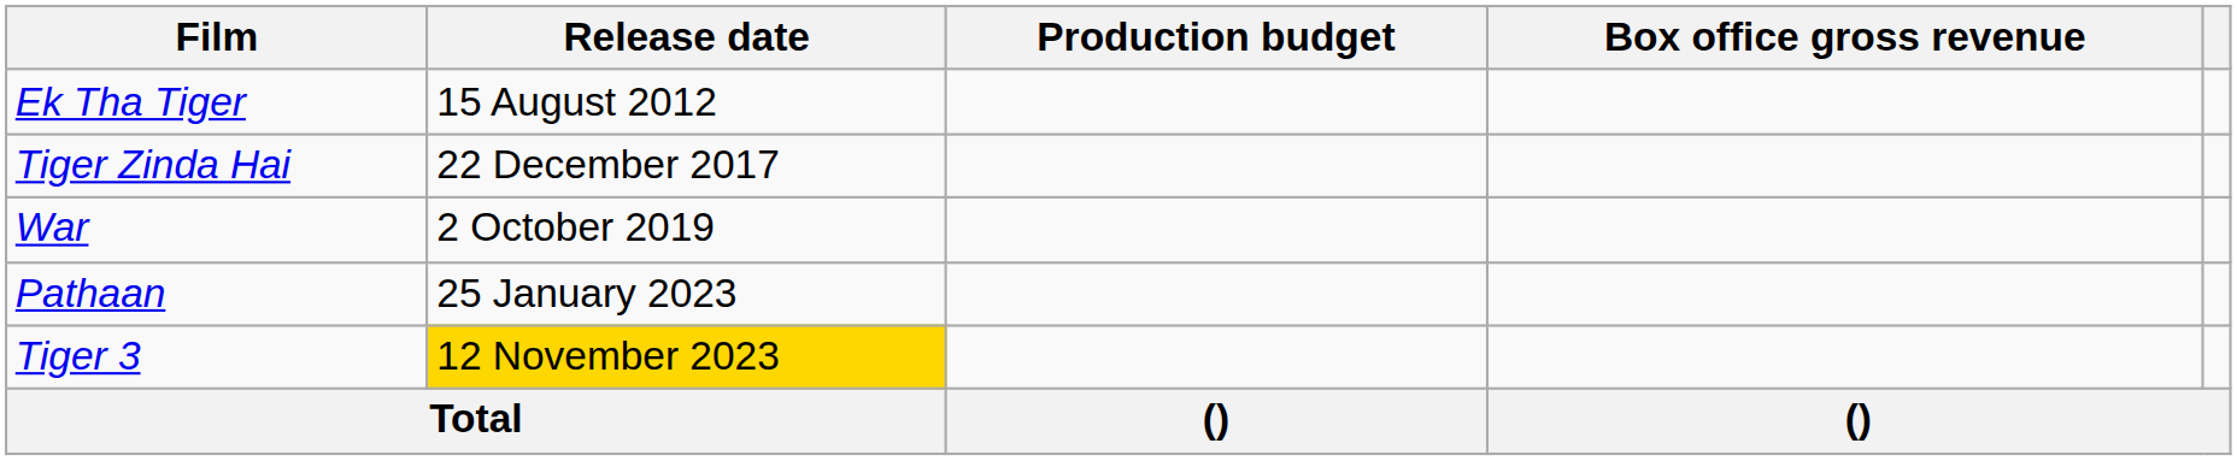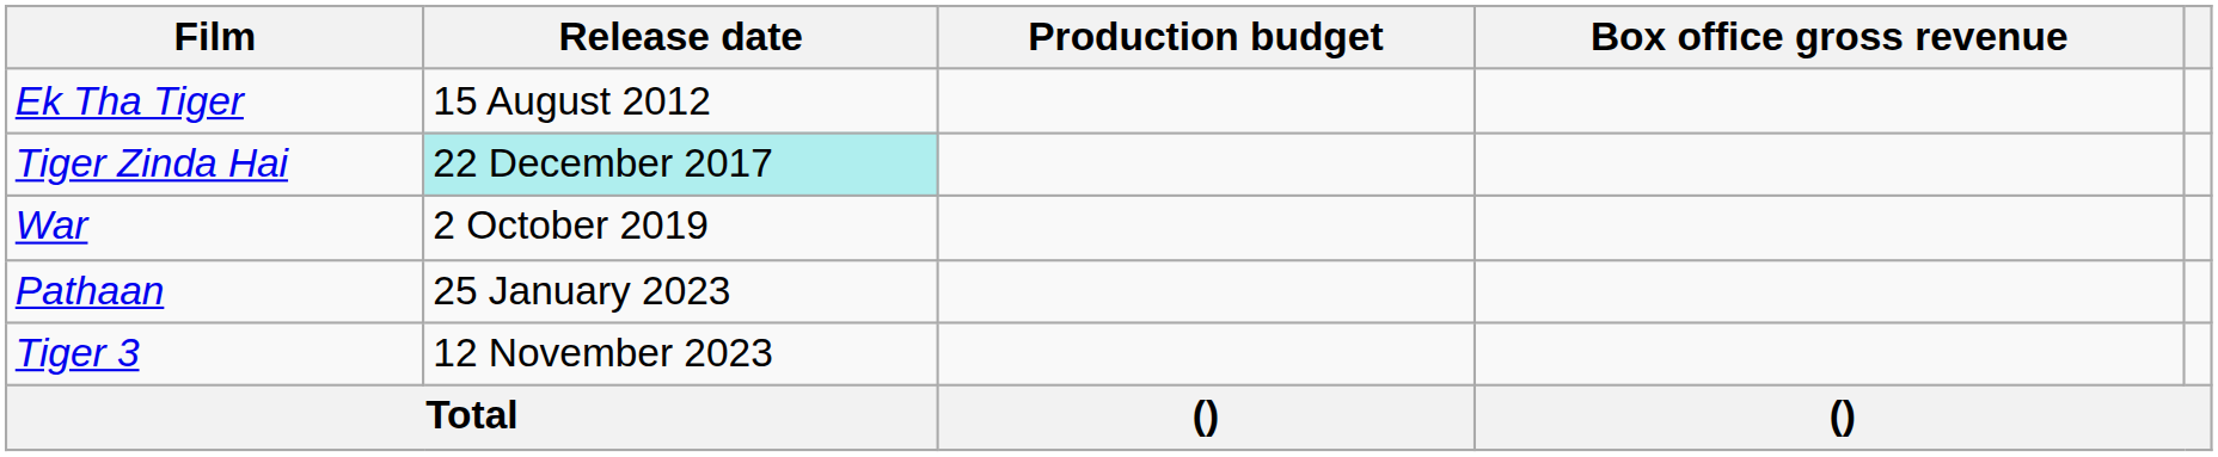 <table class="wikitable" style="width:100%;">
 <tr>
 <th style="text-align:centr;">Film</th>
 <th style="text-align:centr;">Release date</th>
 <th style="text-align:centr;">Production budget</th>
 <th style="text-align:centr;">Box office gross revenue</th>
 <th style="text-align:centr;"></th>
 </tr>
 <tr>
 <td><em><a href='#'>Ek Tha Tiger</a></em></td>
 <td>15 August 2012</td>
 <td></td>
 <td></td>
 <td></td>
 </tr>
 <tr>
 <td><em><a href='#'>Tiger Zinda Hai</a></em></td>
-<td>22 December 2017</td>
+<td style="background: paleturquoise;">22 December 2017</td>
 <td></td>
 <td></td>
 <td></td>
 </tr>
 <tr>
 <td><em><a href='#'>War</a></em></td>
 <td>2 October 2019</td>
 <td></td>
 <td></td>
 <td></td>
 </tr>
 <tr>
 <td><em><a href='#'>Pathaan</a></em></td>
 <td>25 January 2023</td>
 <td></td>
 <td></td>
 <td></td>
 </tr>
 <tr>
 <td><em><a href='#'>Tiger 3</a></em></td>
-<td style="background: gold;">12 November 2023</td>
+<td>12 November 2023</td>
 <td></td>
 <td></td>
 <td></td>
 </tr>
 <tr>
 <th colspan="2" style="text-align:centr;">Total</th>
 <th style="text-align:centr;"> () <br></th>
 <th colspan="2" style="text-align:centr;"> () <br></th>
 </tr>
 </table>
